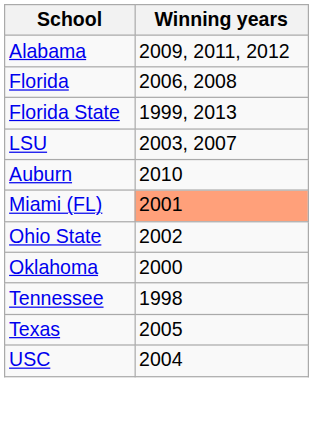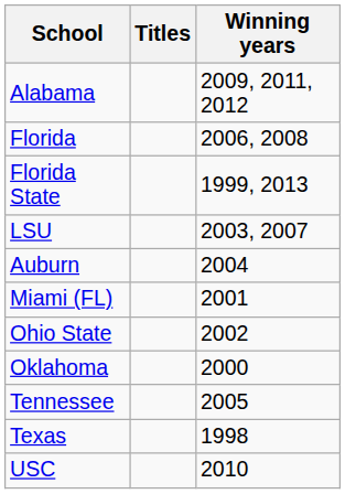 <table class="wikitable sortable" style="width:40%">
 <tr>
 <th width=px>School</th>
+<th width=px>Titles</th>
 <th width=px>Winning years</th>
 </tr>
 <tr>
 <td><a href='#'>Alabama</a></td>
+<td></td>
 <td>2009, 2011, 2012 </td>
 </tr>
 <tr>
 <td><a href='#'>Florida</a></td>
+<td></td>
 <td>2006, 2008</td>
 </tr>
 <tr>
 <td><a href='#'>Florida State</a></td>
+<td></td>
 <td>1999, 2013</td>
 </tr>
 <tr>
 <td><a href='#'>LSU</a></td>
+<td></td>
 <td>2003, 2007</td>
 </tr>
 <tr>
 <td><a href='#'>Auburn</a></td>
-<td>2010</td>
+<td></td>
+<td>2004</td>
 </tr>
 <tr>
 <td><a href='#'>Miami (FL)</a></td>
-<td style="background: lightsalmon;">2001</td>
+<td></td>
+<td>2001</td>
 </tr>
 <tr>
 <td><a href='#'>Ohio State</a></td>
+<td></td>
 <td>2002</td>
 </tr>
 <tr>
 <td><a href='#'>Oklahoma</a></td>
+<td></td>
 <td>2000</td>
 </tr>
 <tr>
 <td><a href='#'>Tennessee</a></td>
+<td></td>
+<td>2005</td>
+</tr>
+<tr>
+<td><a href='#'>Texas</a></td>
+<td></td>
 <td>1998</td>
 </tr>
 <tr>
-<td><a href='#'>Texas</a></td>
-<td>2005</td>
-</tr>
-<tr>
 <td><a href='#'>USC</a></td>
-<td>2004</td>
+<td></td>
+<td>2010</td>
 </tr>
 </table>
